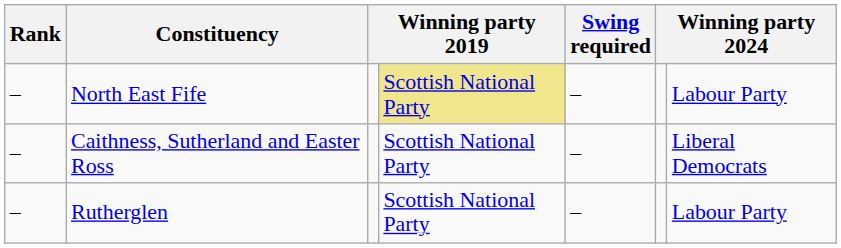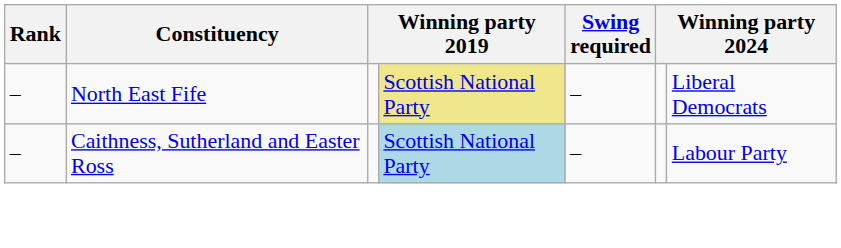 <table class="wikitable sortable">
 <tr>
 <th>Rank</th>
 <th>Constituency</th>
 <th colspan="2">Winning party 2019</th>
 <th><a href='#'>Swing</a> <br>required</th>
 <th colspan="2">Winning party 2024</th>
 </tr>
 <tr>
 <td>–</td>
 <td><a href='#'>North East Fife</a></td>
 <td class="unsortable" style="background-color: "></td>
 <td style="background: khaki;"><a href='#'>Scottish National Party</a></td>
 <td>–</td>
 <td class="unsortable" style="background-color: "></td>
-<td><a href='#'>Labour Party</a></td>
+<td><a href='#'>Liberal Democrats</a></td>
 </tr>
 <tr>
 <td>–</td>
 <td><a href='#'>Caithness, Sutherland and Easter Ross</a></td>
 <td class="unsortable" style="background-color: "></td>
-<td><a href='#'>Scottish National Party</a></td>
-<td>–</td>
-<td class="unsortable" style="background-color: "></td>
-<td><a href='#'>Liberal Democrats</a></td>
-</tr>
-<tr>
-<td>–</td>
-<td><a href='#'>Rutherglen</a></td>
-<td class="unsortable" style="background-color: "></td>
-<td><a href='#'>Scottish National Party</a></td>
+<td style="background: lightblue;"><a href='#'>Scottish National Party</a></td>
 <td>–</td>
 <td class="unsortable" style="background-color: "></td>
 <td><a href='#'>Labour Party</a></td>
 </tr>
 </table>
